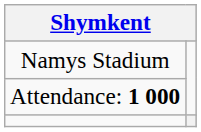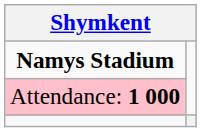 <table class="wikitable" style="text-align:center;">
 <tr>
 <th colspan="4" align="center"><a href='#'>Shymkent</a></th>
 </tr>
 <tr>
-<td>Namys Stadium</td>
+<td><strong>Namys Stadium</strong></td>
 </tr>
 <tr>
-<td>Attendance: <strong>1 000</strong></td>
+<td style="background: pink;">Attendance: <strong>1 000</strong></td>
 </tr>
 <tr>
 <td></td>
 <th rowspan=8 colspan=2></th>
 </tr>
 </table>
